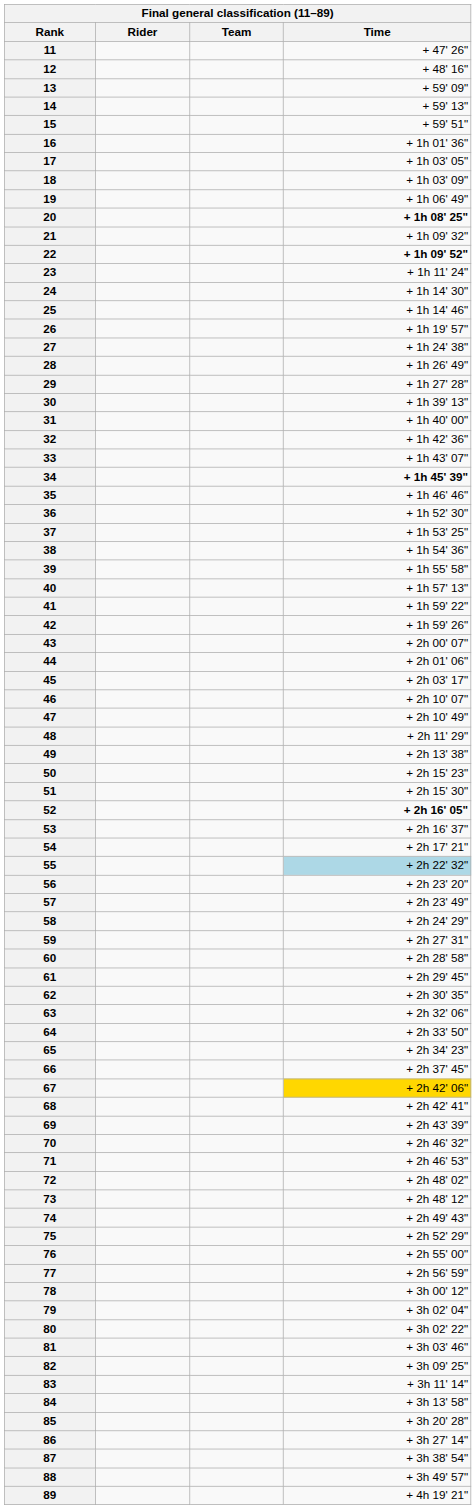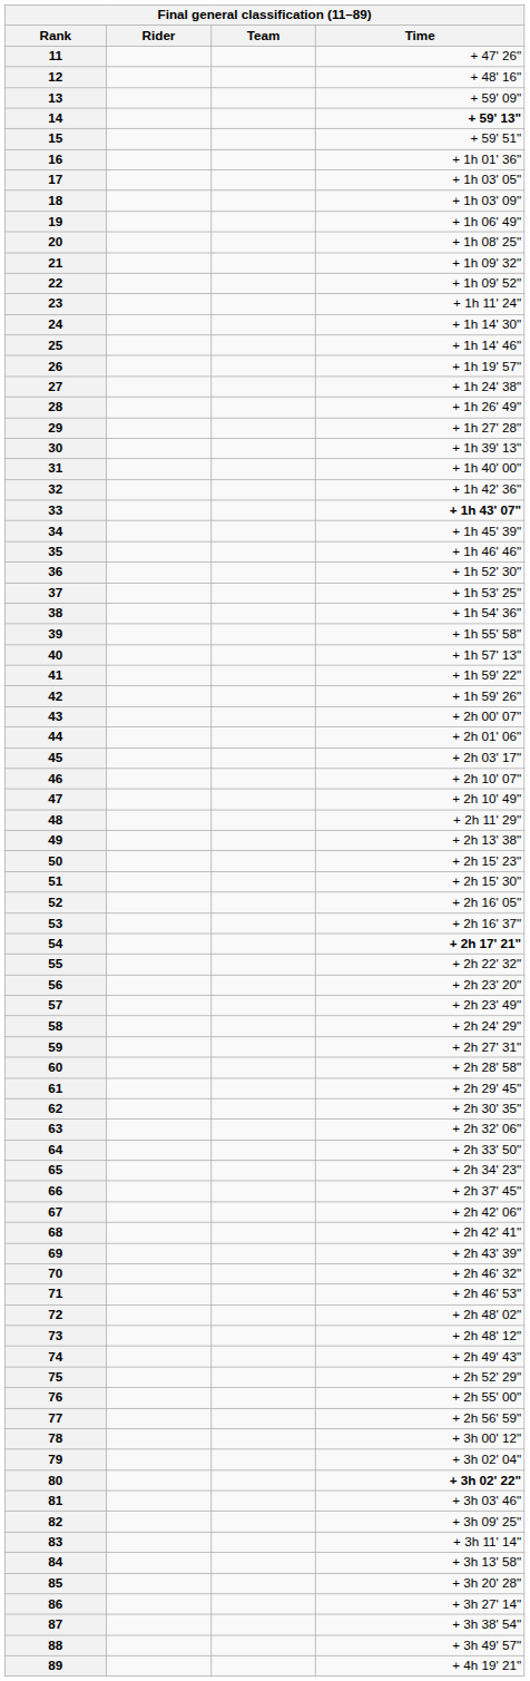 <table class="collapsible collapsed wikitable" style="width:40em;margin-top:-1px;">
 <tr>
 <th scope="col" colspan="4">Final general classification (11–89)</th>
 </tr>
 <tr>
 <th scope="col">Rank</th>
 <th scope="col">Rider</th>
 <th scope="col">Team</th>
 <th scope="col">Time</th>
 </tr>
 <tr>
 <th scope="row">11</th>
 <td></td>
 <td></td>
 <td style="text-align:right;">+ 47' 26"</td>
 </tr>
 <tr>
 <th scope="row">12</th>
 <td></td>
 <td></td>
 <td style="text-align:right;">+ 48' 16"</td>
 </tr>
 <tr>
 <th scope="row">13</th>
 <td></td>
 <td></td>
 <td style="text-align:right;">+ 59' 09"</td>
 </tr>
 <tr>
 <th scope="row">14</th>
 <td></td>
 <td></td>
-<td style="text-align:right;">+ 59' 13"</td>
+<td style="text-align:right;"><strong>+ 59' 13"</strong></td>
 </tr>
 <tr>
 <th scope="row">15</th>
 <td></td>
 <td></td>
 <td style="text-align:right;">+ 59' 51"</td>
 </tr>
 <tr>
 <th scope="row">16</th>
 <td></td>
 <td></td>
 <td style="text-align:right;">+ 1h 01' 36"</td>
 </tr>
 <tr>
 <th scope="row">17</th>
 <td></td>
 <td></td>
 <td style="text-align:right;">+ 1h 03' 05"</td>
 </tr>
 <tr>
 <th scope="row">18</th>
 <td></td>
 <td></td>
 <td style="text-align:right;">+ 1h 03' 09"</td>
 </tr>
 <tr>
 <th scope="row">19</th>
 <td></td>
 <td></td>
 <td style="text-align:right;">+ 1h 06' 49"</td>
 </tr>
 <tr>
 <th scope="row">20</th>
 <td></td>
 <td></td>
-<td style="text-align:right;"><strong>+ 1h 08' 25"</strong></td>
+<td style="text-align:right;">+ 1h 08' 25"</td>
 </tr>
 <tr>
 <th scope="row">21</th>
 <td></td>
 <td></td>
 <td style="text-align:right;">+ 1h 09' 32"</td>
 </tr>
 <tr>
 <th scope="row">22</th>
 <td></td>
 <td></td>
-<td style="text-align:right;"><strong>+ 1h 09' 52"</strong></td>
+<td style="text-align:right;">+ 1h 09' 52"</td>
 </tr>
 <tr>
 <th scope="row">23</th>
 <td></td>
 <td></td>
 <td style="text-align:right;">+ 1h 11' 24"</td>
 </tr>
 <tr>
 <th scope="row">24</th>
 <td></td>
 <td></td>
 <td style="text-align:right;">+ 1h 14' 30"</td>
 </tr>
 <tr>
 <th scope="row">25</th>
 <td></td>
 <td></td>
 <td style="text-align:right;">+ 1h 14' 46"</td>
 </tr>
 <tr>
 <th scope="row">26</th>
 <td></td>
 <td></td>
 <td style="text-align:right;">+ 1h 19' 57"</td>
 </tr>
 <tr>
 <th scope="row">27</th>
 <td></td>
 <td></td>
 <td style="text-align:right;">+ 1h 24' 38"</td>
 </tr>
 <tr>
 <th scope="row">28</th>
 <td></td>
 <td></td>
 <td style="text-align:right;">+ 1h 26' 49"</td>
 </tr>
 <tr>
 <th scope="row">29</th>
 <td></td>
 <td></td>
 <td style="text-align:right;">+ 1h 27' 28"</td>
 </tr>
 <tr>
 <th scope="row">30</th>
 <td></td>
 <td></td>
 <td style="text-align:right;">+ 1h 39' 13"</td>
 </tr>
 <tr>
 <th scope="row">31</th>
 <td></td>
 <td></td>
 <td style="text-align:right;">+ 1h 40' 00"</td>
 </tr>
 <tr>
 <th scope="row">32</th>
 <td></td>
 <td></td>
 <td style="text-align:right;">+ 1h 42' 36"</td>
 </tr>
 <tr>
 <th scope="row">33</th>
 <td></td>
 <td></td>
-<td style="text-align:right;">+ 1h 43' 07"</td>
+<td style="text-align:right;"><strong>+ 1h 43' 07"</strong></td>
 </tr>
 <tr>
 <th scope="row">34</th>
 <td></td>
 <td></td>
-<td style="text-align:right;"><strong>+ 1h 45' 39"</strong></td>
+<td style="text-align:right;">+ 1h 45' 39"</td>
 </tr>
 <tr>
 <th scope="row">35</th>
 <td></td>
 <td></td>
 <td style="text-align:right;">+ 1h 46' 46"</td>
 </tr>
 <tr>
 <th scope="row">36</th>
 <td></td>
 <td></td>
 <td style="text-align:right;">+ 1h 52' 30"</td>
 </tr>
 <tr>
 <th scope="row">37</th>
 <td></td>
 <td></td>
 <td style="text-align:right;">+ 1h 53' 25"</td>
 </tr>
 <tr>
 <th scope="row">38</th>
 <td></td>
 <td></td>
 <td style="text-align:right;">+ 1h 54' 36"</td>
 </tr>
 <tr>
 <th scope="row">39</th>
 <td></td>
 <td></td>
 <td style="text-align:right;">+ 1h 55' 58"</td>
 </tr>
 <tr>
 <th scope="row">40</th>
 <td></td>
 <td></td>
 <td style="text-align:right;">+ 1h 57' 13"</td>
 </tr>
 <tr>
 <th scope="row">41</th>
 <td></td>
 <td></td>
 <td style="text-align:right;">+ 1h 59' 22"</td>
 </tr>
 <tr>
 <th scope="row">42</th>
 <td></td>
 <td></td>
 <td style="text-align:right;">+ 1h 59' 26"</td>
 </tr>
 <tr>
 <th scope="row">43</th>
 <td></td>
 <td></td>
 <td style="text-align:right;">+ 2h 00' 07"</td>
 </tr>
 <tr>
 <th scope="row">44</th>
 <td></td>
 <td></td>
 <td style="text-align:right;">+ 2h 01' 06"</td>
 </tr>
 <tr>
 <th scope="row">45</th>
 <td></td>
 <td></td>
 <td style="text-align:right;">+ 2h 03' 17"</td>
 </tr>
 <tr>
 <th scope="row">46</th>
 <td></td>
 <td></td>
 <td style="text-align:right;">+ 2h 10' 07"</td>
 </tr>
 <tr>
 <th scope="row">47</th>
 <td></td>
 <td></td>
 <td style="text-align:right;">+ 2h 10' 49"</td>
 </tr>
 <tr>
 <th scope="row">48</th>
 <td></td>
 <td></td>
 <td style="text-align:right;">+ 2h 11' 29"</td>
 </tr>
 <tr>
 <th scope="row">49</th>
 <td></td>
 <td></td>
 <td style="text-align:right;">+ 2h 13' 38"</td>
 </tr>
 <tr>
 <th scope="row">50</th>
 <td></td>
 <td></td>
 <td style="text-align:right;">+ 2h 15' 23"</td>
 </tr>
 <tr>
 <th scope="row">51</th>
 <td></td>
 <td></td>
 <td style="text-align:right;">+ 2h 15' 30"</td>
 </tr>
 <tr>
 <th scope="row">52</th>
 <td></td>
 <td></td>
-<td style="text-align:right;"><strong>+ 2h 16' 05"</strong></td>
+<td style="text-align:right;">+ 2h 16' 05"</td>
 </tr>
 <tr>
 <th scope="row">53</th>
 <td></td>
 <td></td>
 <td style="text-align:right;">+ 2h 16' 37"</td>
 </tr>
 <tr>
 <th scope="row">54</th>
 <td></td>
 <td></td>
-<td style="text-align:right;">+ 2h 17' 21"</td>
+<td style="text-align:right;"><strong>+ 2h 17' 21"</strong></td>
 </tr>
 <tr>
 <th scope="row">55</th>
 <td></td>
 <td></td>
-<td style="background: lightblue; text-align:right;">+ 2h 22' 32"</td>
+<td style="text-align:right;">+ 2h 22' 32"</td>
 </tr>
 <tr>
 <th scope="row">56</th>
 <td></td>
 <td></td>
 <td style="text-align:right;">+ 2h 23' 20"</td>
 </tr>
 <tr>
 <th scope="row">57</th>
 <td></td>
 <td></td>
 <td style="text-align:right;">+ 2h 23' 49"</td>
 </tr>
 <tr>
 <th scope="row">58</th>
 <td></td>
 <td></td>
 <td style="text-align:right;">+ 2h 24' 29"</td>
 </tr>
 <tr>
 <th scope="row">59</th>
 <td></td>
 <td></td>
 <td style="text-align:right;">+ 2h 27' 31"</td>
 </tr>
 <tr>
 <th scope="row">60</th>
 <td></td>
 <td></td>
 <td style="text-align:right;">+ 2h 28' 58"</td>
 </tr>
 <tr>
 <th scope="row">61</th>
 <td></td>
 <td></td>
 <td style="text-align:right;">+ 2h 29' 45"</td>
 </tr>
 <tr>
 <th scope="row">62</th>
 <td></td>
 <td></td>
 <td style="text-align:right;">+ 2h 30' 35"</td>
 </tr>
 <tr>
 <th scope="row">63</th>
 <td></td>
 <td></td>
 <td style="text-align:right;">+ 2h 32' 06"</td>
 </tr>
 <tr>
 <th scope="row">64</th>
 <td></td>
 <td></td>
 <td style="text-align:right;">+ 2h 33' 50"</td>
 </tr>
 <tr>
 <th scope="row">65</th>
 <td></td>
 <td></td>
 <td style="text-align:right;">+ 2h 34' 23"</td>
 </tr>
 <tr>
 <th scope="row">66</th>
 <td></td>
 <td></td>
 <td style="text-align:right;">+ 2h 37' 45"</td>
 </tr>
 <tr>
 <th scope="row">67</th>
 <td></td>
 <td></td>
-<td style="background: gold; text-align:right;">+ 2h 42' 06"</td>
+<td style="text-align:right;">+ 2h 42' 06"</td>
 </tr>
 <tr>
 <th scope="row">68</th>
 <td></td>
 <td></td>
 <td style="text-align:right;">+ 2h 42' 41"</td>
 </tr>
 <tr>
 <th scope="row">69</th>
 <td></td>
 <td></td>
 <td style="text-align:right;">+ 2h 43' 39"</td>
 </tr>
 <tr>
 <th scope="row">70</th>
 <td></td>
 <td></td>
 <td style="text-align:right;">+ 2h 46' 32"</td>
 </tr>
 <tr>
 <th scope="row">71</th>
 <td></td>
 <td></td>
 <td style="text-align:right;">+ 2h 46' 53"</td>
 </tr>
 <tr>
 <th scope="row">72</th>
 <td></td>
 <td></td>
 <td style="text-align:right;">+ 2h 48' 02"</td>
 </tr>
 <tr>
 <th scope="row">73</th>
 <td></td>
 <td></td>
 <td style="text-align:right;">+ 2h 48' 12"</td>
 </tr>
 <tr>
 <th scope="row">74</th>
 <td></td>
 <td></td>
 <td style="text-align:right;">+ 2h 49' 43"</td>
 </tr>
 <tr>
 <th scope="row">75</th>
 <td></td>
 <td></td>
 <td style="text-align:right;">+ 2h 52' 29"</td>
 </tr>
 <tr>
 <th scope="row">76</th>
 <td></td>
 <td></td>
 <td style="text-align:right;">+ 2h 55' 00"</td>
 </tr>
 <tr>
 <th scope="row">77</th>
 <td></td>
 <td></td>
 <td style="text-align:right;">+ 2h 56' 59"</td>
 </tr>
 <tr>
 <th scope="row">78</th>
 <td></td>
 <td></td>
 <td style="text-align:right;">+ 3h 00' 12"</td>
 </tr>
 <tr>
 <th scope="row">79</th>
 <td></td>
 <td></td>
 <td style="text-align:right;">+ 3h 02' 04"</td>
 </tr>
 <tr>
 <th scope="row">80</th>
 <td></td>
 <td></td>
-<td style="text-align:right;">+ 3h 02' 22"</td>
+<td style="text-align:right;"><strong>+ 3h 02' 22"</strong></td>
 </tr>
 <tr>
 <th scope="row">81</th>
 <td></td>
 <td></td>
 <td style="text-align:right;">+ 3h 03' 46"</td>
 </tr>
 <tr>
 <th scope="row">82</th>
 <td></td>
 <td></td>
 <td style="text-align:right;">+ 3h 09' 25"</td>
 </tr>
 <tr>
 <th scope="row">83</th>
 <td></td>
 <td></td>
 <td style="text-align:right;">+ 3h 11' 14"</td>
 </tr>
 <tr>
 <th scope="row">84</th>
 <td></td>
 <td></td>
 <td style="text-align:right;">+ 3h 13' 58"</td>
 </tr>
 <tr>
 <th scope="row">85</th>
 <td></td>
 <td></td>
 <td style="text-align:right;">+ 3h 20' 28"</td>
 </tr>
 <tr>
 <th scope="row">86</th>
 <td></td>
 <td></td>
 <td style="text-align:right;">+ 3h 27' 14"</td>
 </tr>
 <tr>
 <th scope="row">87</th>
 <td></td>
 <td></td>
 <td style="text-align:right;">+ 3h 38' 54"</td>
 </tr>
 <tr>
 <th scope="row">88</th>
 <td></td>
 <td></td>
 <td style="text-align:right;">+ 3h 49' 57"</td>
 </tr>
 <tr>
 <th scope="row">89</th>
 <td></td>
 <td></td>
 <td style="text-align:right;">+ 4h 19' 21"</td>
 </tr>
 </table>
